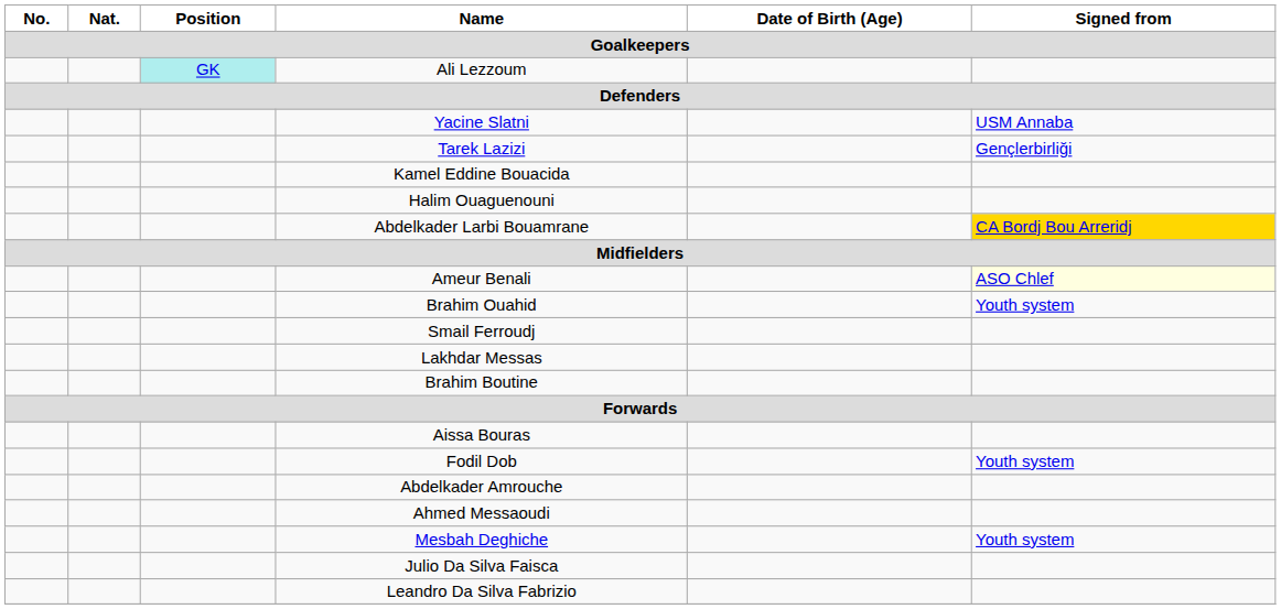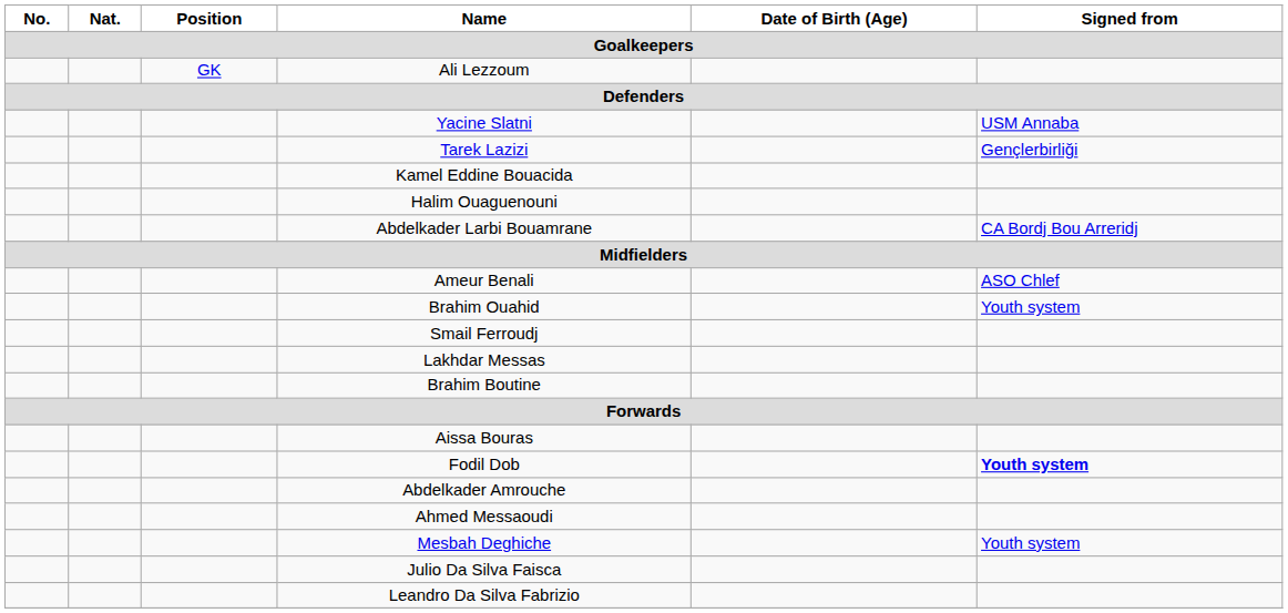 <table class="wikitable" style="text-align:center; font-size:90%; width:70%">
 <tr>
 <th style="background:white; color:black; text-align:center;">No.</th>
 <th style="background:white; color:black; text-align:center;">Nat.</th>
 <th style="background:white; color:black; text-align:center;">Position</th>
 <th style="background:white; color:black; text-align:center;">Name</th>
 <th style="background:white; color:black; text-align:center;">Date of Birth (Age)</th>
 <th style="background:white; color:black; text-align:center;">Signed from</th>
 </tr>
 <tr>
 <th colspan=10 style="background:#DCDCDC; text-align:center;">Goalkeepers</th>
 </tr>
 <tr>
 <td></td>
 <td></td>
-<td style="background: paleturquoise;"><a href='#'>GK</a></td>
+<td><a href='#'>GK</a></td>
 <td>Ali Lezzoum</td>
 <td></td>
 <td style="text-align:left"></td>
 </tr>
 <tr>
 <th colspan=10 style="background:#DCDCDC; text-align:center;">Defenders</th>
 </tr>
 <tr>
 <td></td>
 <td></td>
 <td></td>
 <td><a href='#'>Yacine Slatni</a></td>
 <td></td>
 <td style="text-align:left"> <a href='#'>USM Annaba</a></td>
 </tr>
 <tr>
 <td></td>
 <td></td>
 <td></td>
 <td><a href='#'>Tarek Lazizi</a></td>
 <td></td>
 <td style="text-align:left"> <a href='#'>Gençlerbirliği</a></td>
 </tr>
 <tr>
 <td></td>
 <td></td>
 <td></td>
 <td>Kamel Eddine Bouacida</td>
 <td></td>
 <td style="text-align:left"></td>
 </tr>
 <tr>
 <td></td>
 <td></td>
 <td></td>
 <td>Halim Ouaguenouni</td>
 <td></td>
 <td style="text-align:left"></td>
 </tr>
 <tr>
 <td></td>
 <td></td>
 <td></td>
 <td>Abdelkader Larbi Bouamrane</td>
 <td></td>
-<td style="background: gold; text-align:left"> <a href='#'>CA Bordj Bou Arreridj</a></td>
+<td style="text-align:left"> <a href='#'>CA Bordj Bou Arreridj</a></td>
 </tr>
 <tr>
 <th colspan=10 style="background:#DCDCDC; text-align:center;">Midfielders</th>
 </tr>
 <tr>
 <td></td>
 <td></td>
 <td></td>
 <td>Ameur Benali</td>
 <td></td>
-<td style="background: lightyellow; text-align:left"> <a href='#'>ASO Chlef</a></td>
+<td style="text-align:left"> <a href='#'>ASO Chlef</a></td>
 </tr>
 <tr>
 <td></td>
 <td></td>
 <td></td>
 <td>Brahim Ouahid</td>
 <td></td>
 <td style="text-align:left"> <a href='#'>Youth system</a></td>
 </tr>
 <tr>
 <td></td>
 <td></td>
 <td></td>
 <td>Smail Ferroudj</td>
 <td></td>
 <td style="text-align:left"></td>
 </tr>
 <tr>
 <td></td>
 <td></td>
 <td></td>
 <td>Lakhdar Messas</td>
 <td></td>
 <td style="text-align:left"></td>
 </tr>
 <tr>
 <td></td>
 <td></td>
 <td></td>
 <td>Brahim Boutine</td>
 <td></td>
 <td style="text-align:left"></td>
 </tr>
 <tr>
 <th colspan=10 style="background:#DCDCDC; text-align:center;">Forwards</th>
 </tr>
 <tr>
 <td></td>
 <td></td>
 <td></td>
 <td>Aissa Bouras</td>
 <td></td>
 <td style="text-align:left"></td>
 </tr>
 <tr>
 <td></td>
 <td></td>
 <td></td>
 <td>Fodil Dob</td>
 <td></td>
-<td style="text-align:left"> <a href='#'>Youth system</a></td>
+<td style="text-align:left"><strong> <a href='#'>Youth system</a></strong></td>
 </tr>
 <tr>
 <td></td>
 <td></td>
 <td></td>
 <td>Abdelkader Amrouche</td>
 <td></td>
 <td style="text-align:left"></td>
 </tr>
 <tr>
 <td></td>
 <td></td>
 <td></td>
 <td>Ahmed Messaoudi</td>
 <td></td>
 <td style="text-align:left"></td>
 </tr>
 <tr>
 <td></td>
 <td></td>
 <td></td>
 <td><a href='#'>Mesbah Deghiche</a></td>
 <td></td>
 <td style="text-align:left"> <a href='#'>Youth system</a></td>
 </tr>
 <tr>
 <td></td>
 <td></td>
 <td></td>
 <td>Julio Da Silva Faisca</td>
 <td></td>
 <td style="text-align:left"></td>
 </tr>
 <tr>
 <td></td>
 <td></td>
 <td></td>
 <td>Leandro Da Silva Fabrizio</td>
 <td></td>
 <td style="text-align:left"></td>
 </tr>
 <tr>
 </tr>
 </table>
